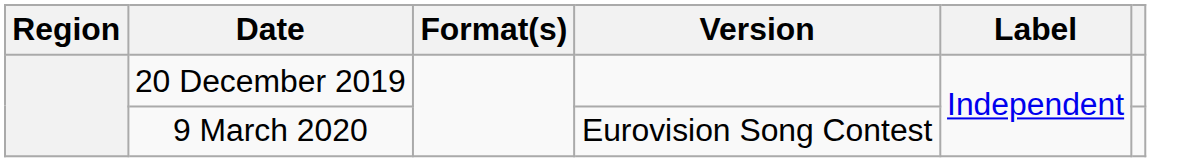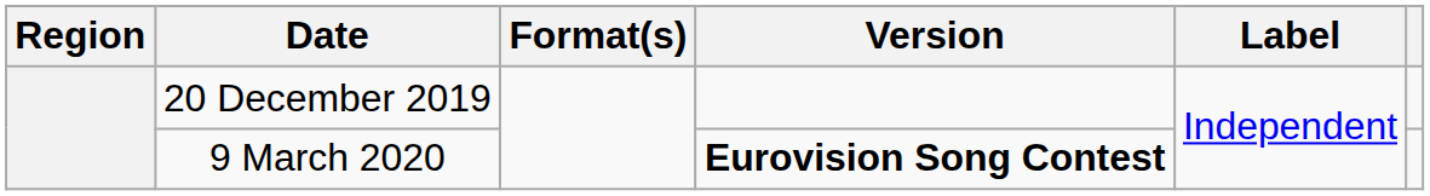 <table class="wikitable plainrowheaders" style="text-align:center">
 <tr>
 <th scope="col">Region</th>
 <th scope="col">Date</th>
 <th scope="col">Format(s)</th>
 <th scope="col">Version</th>
 <th scope="col">Label</th>
 <th scope="col"></th>
 </tr>
 <tr>
 <th scope="row" rowspan="2"></th>
 <td>20 December 2019</td>
 <td rowspan="2"></td>
 <td></td>
 <td rowspan="2"><a href='#'>Independent</a></td>
 <td></td>
 </tr>
 <tr>
 <td>9 March 2020</td>
-<td>Eurovision Song Contest</td>
+<td><strong>Eurovision Song Contest</strong></td>
 <td></td>
 </tr>
 </table>
